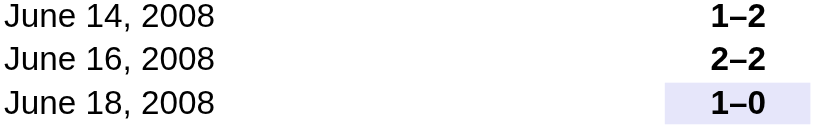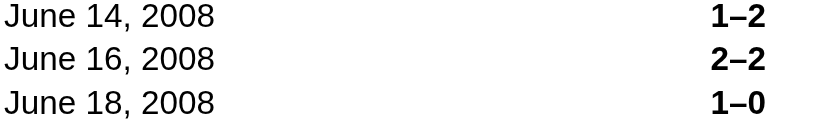 <table width=100% cellspacing=1>
 <tr>
 <th width=120></th>
 <th width=220></th>
 <th width=70></th>
 <th width=220></th>
 <th></th>
 </tr>
 <tr>
 <td align=right>June 14, 2008</td>
 <td align=right><strong></strong></td>
 <td align=center><strong>1–2</strong></td>
 <td><strong></strong></td>
 </tr>
 <tr>
 <td align=right>June 16, 2008</td>
 <td align=right><strong></strong></td>
 <td align=center><strong>2–2</strong></td>
 <td><strong></strong></td>
 </tr>
 <tr>
 <td align=right>June 18, 2008</td>
 <td align=right><strong></strong></td>
-<td align=center style="background: lavender;"><strong>1–0</strong></td>
+<td align=center><strong>1–0</strong></td>
 <td><strong></strong></td>
 </tr>
 </table>
